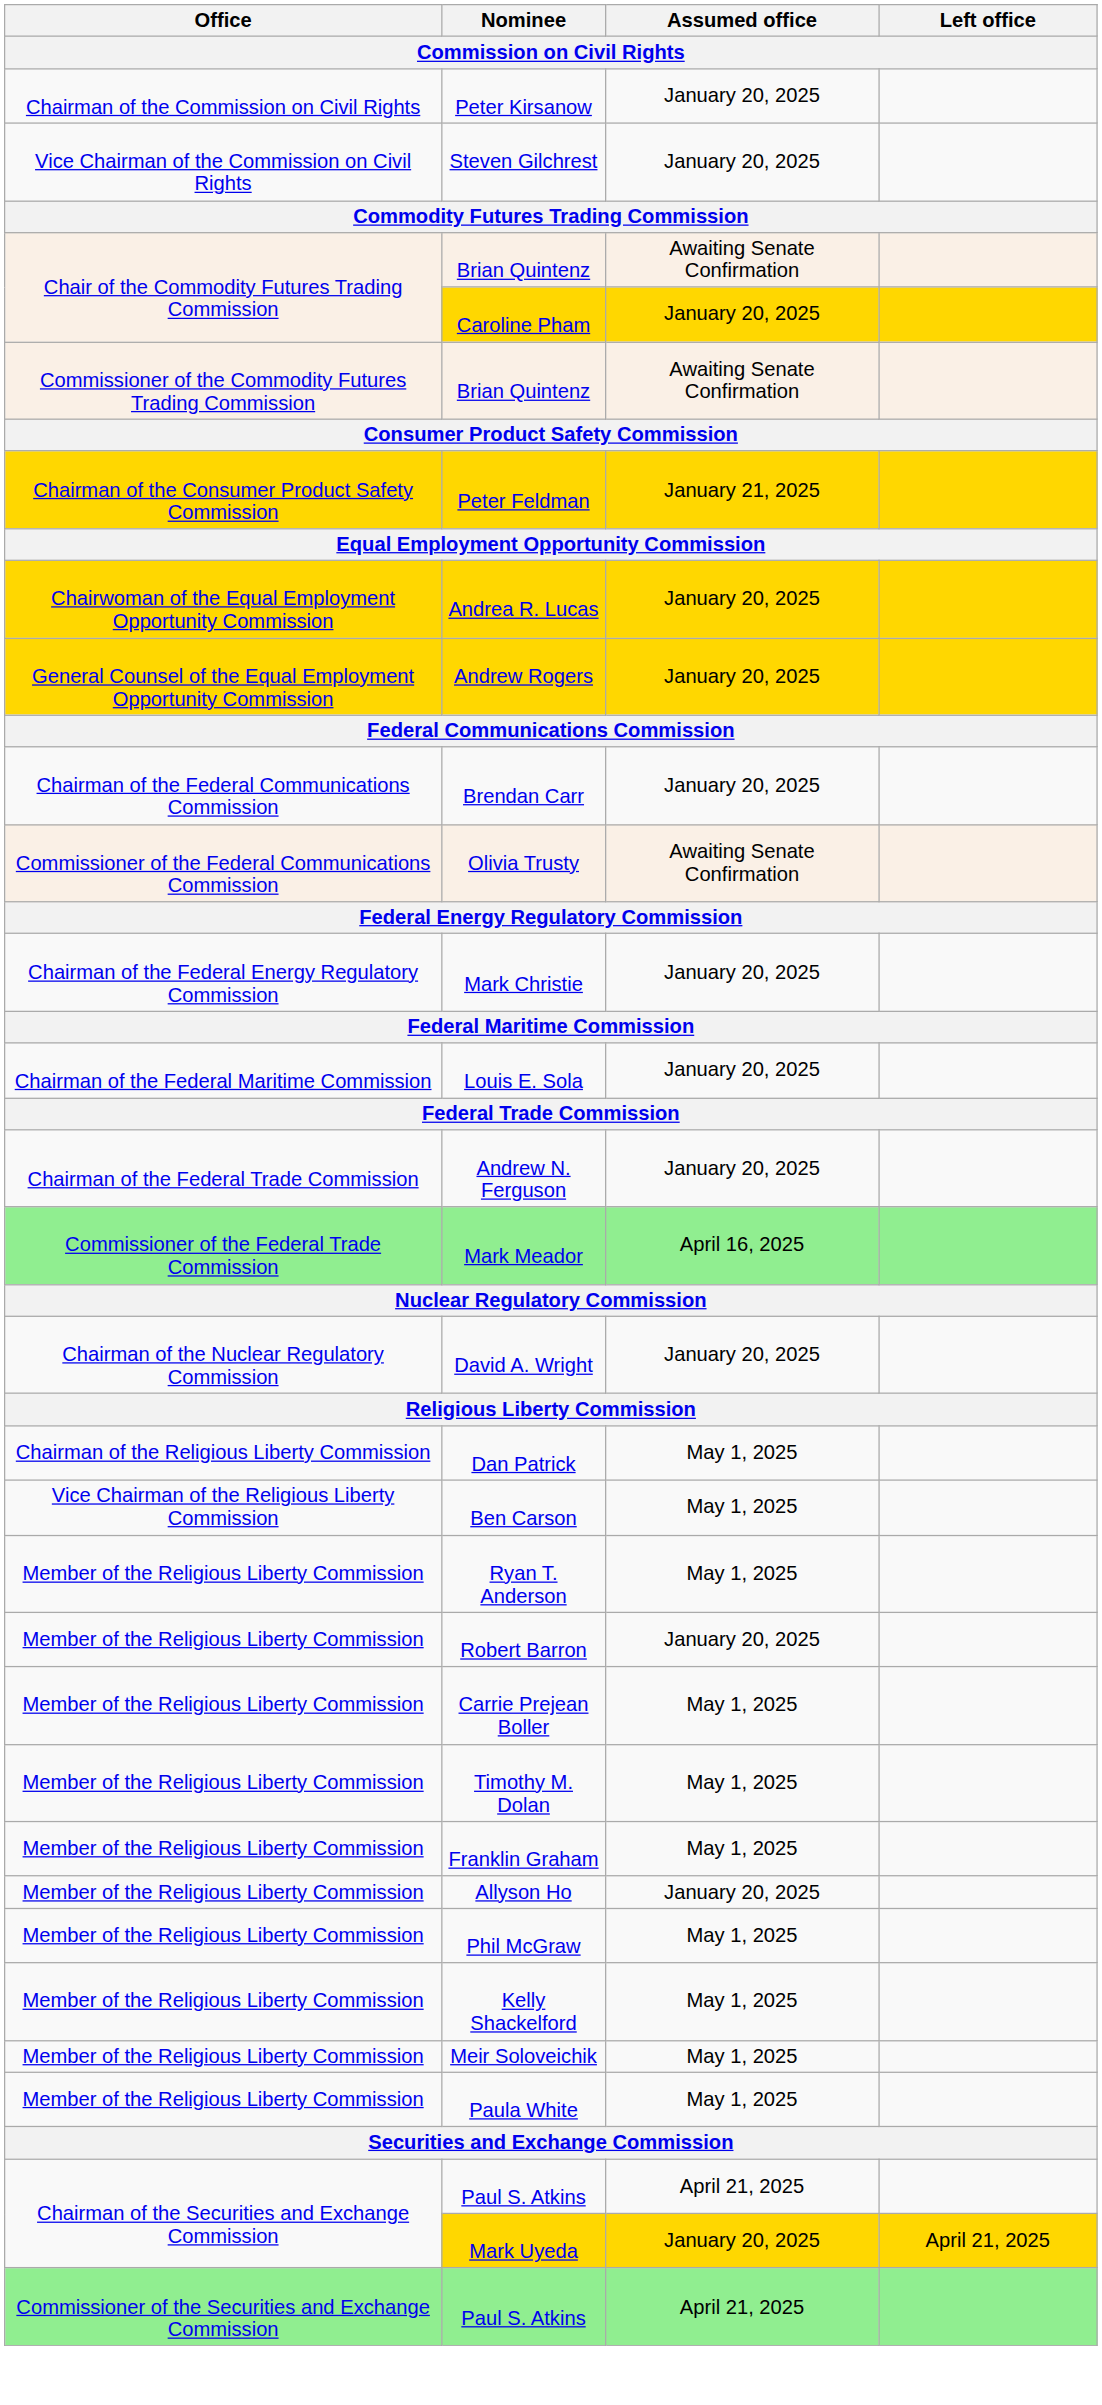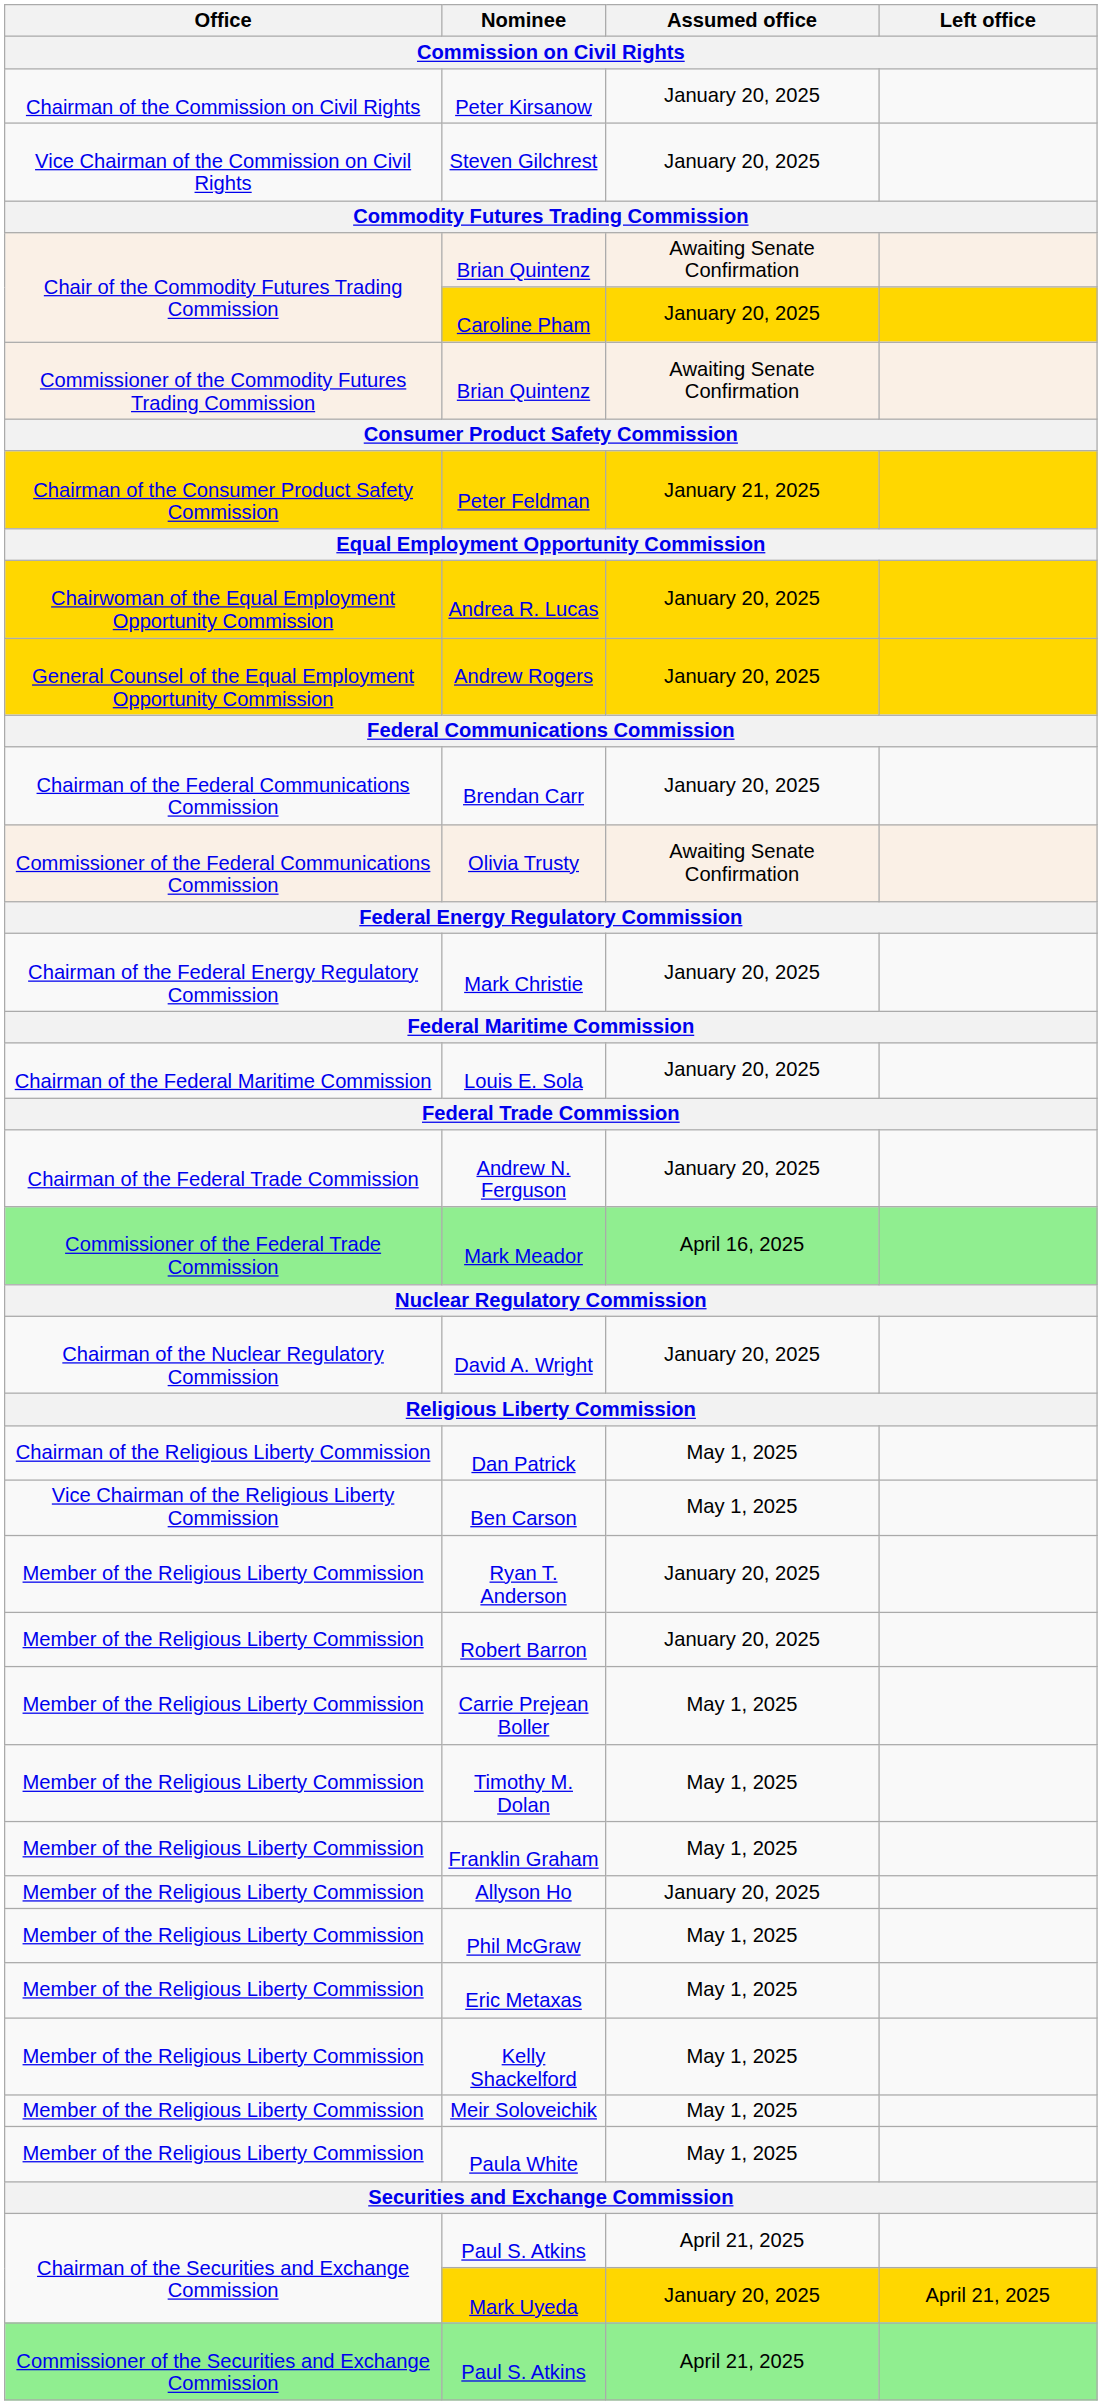 <table class="wikitable sortable" style="text-align:center">
 <tr>
 <th style="width:40%;">Office</th>
 <th style="width:15%;">Nominee</th>
 <th style="width:25%;" data-sort-="" type="date">Assumed office</th>
 <th style="width:20%;" data-sort-="" type="date">Left office</th>
 </tr>
 <tr>
 <th colspan="4"><a href='#'>Commission on Civil Rights</a></th>
 </tr>
 <tr>
 <td><br><a href='#'>Chairman of the Commission on Civil Rights</a></td>
 <td><br><a href='#'>Peter Kirsanow</a></td>
 <td>January 20, 2025</td>
 <td></td>
 </tr>
 <tr>
 <td><br><a href='#'>Vice Chairman of the Commission on Civil Rights</a></td>
 <td><a href='#'>Steven Gilchrest</a></td>
 <td>January 20, 2025</td>
 <td></td>
 </tr>
 <tr>
 <th colspan="4"><a href='#'>Commodity Futures Trading Commission</a></th>
 </tr>
 <tr style="background:linen">
 <td rowspan="2"><br><a href='#'>Chair of the Commodity Futures Trading Commission</a></td>
 <td><br><a href='#'>Brian Quintenz</a></td>
 <td>Awaiting Senate Confirmation</td>
 <td></td>
 </tr>
 <tr style="background:gold">
 <td><br><a href='#'>Caroline Pham</a></td>
 <td>January 20, 2025</td>
 <td></td>
 </tr>
 <tr style="background:linen">
 <td><br><a href='#'>Commissioner of the Commodity Futures Trading Commission</a></td>
 <td><br><a href='#'>Brian Quintenz</a></td>
 <td>Awaiting Senate Confirmation</td>
 <td></td>
 </tr>
 <tr>
 <th colspan="4"><a href='#'>Consumer Product Safety Commission</a></th>
 </tr>
 <tr style="background:gold">
 <td><br><a href='#'>Chairman of the Consumer Product Safety Commission</a></td>
 <td><br><a href='#'>Peter Feldman</a></td>
 <td>January 21, 2025</td>
 <td></td>
 </tr>
 <tr>
 <th colspan="4"><a href='#'>Equal Employment Opportunity Commission</a></th>
 </tr>
 <tr style="background:gold">
 <td><br><a href='#'>Chairwoman of the Equal Employment Opportunity Commission</a></td>
 <td><br><a href='#'>Andrea R. Lucas</a></td>
 <td>January 20, 2025</td>
 <td></td>
 </tr>
 <tr style="background:gold">
 <td><br><a href='#'>General Counsel of the Equal Employment Opportunity Commission</a></td>
 <td><a href='#'>Andrew Rogers</a></td>
 <td>January 20, 2025</td>
 <td></td>
 </tr>
 <tr>
 <th colspan="4"><a href='#'>Federal Communications Commission</a></th>
 </tr>
 <tr>
 <td><br><a href='#'>Chairman of the Federal Communications Commission</a></td>
 <td><br><a href='#'>Brendan Carr</a></td>
 <td>January 20, 2025</td>
 <td></td>
 </tr>
 <tr style="background:linen">
 <td><br><a href='#'>Commissioner of the Federal Communications Commission</a></td>
 <td><a href='#'>Olivia Trusty</a></td>
 <td>Awaiting Senate Confirmation</td>
 <td></td>
 </tr>
 <tr>
 <th colspan="4"><a href='#'>Federal Energy Regulatory Commission</a></th>
 </tr>
 <tr>
 <td><br><a href='#'>Chairman of the Federal Energy Regulatory Commission</a></td>
 <td><br><a href='#'>Mark Christie</a></td>
 <td>January 20, 2025</td>
 <td></td>
 </tr>
 <tr>
 <th colspan="4"><a href='#'>Federal Maritime Commission</a></th>
 </tr>
 <tr>
 <td><br><a href='#'>Chairman of the Federal Maritime Commission</a></td>
 <td><br><a href='#'>Louis E. Sola</a></td>
 <td>January 20, 2025</td>
 <td></td>
 </tr>
 <tr>
 <th colspan="4"><a href='#'>Federal Trade Commission</a></th>
 </tr>
 <tr>
 <td><br><a href='#'>Chairman of the Federal Trade Commission</a></td>
 <td><br><a href='#'>Andrew N. Ferguson</a></td>
 <td>January 20, 2025</td>
 <td></td>
 </tr>
 <tr style="background:lightgreen">
 <td><br><a href='#'>Commissioner of the Federal Trade Commission</a></td>
 <td><br><a href='#'>Mark Meador</a></td>
 <td>April 16, 2025<br></td>
 <td></td>
 </tr>
 <tr>
 <th colspan="4"><a href='#'>Nuclear Regulatory Commission</a></th>
 </tr>
 <tr>
 <td><br><a href='#'>Chairman of the Nuclear Regulatory Commission</a></td>
 <td><br><a href='#'>David A. Wright</a></td>
 <td>January 20, 2025</td>
 <td></td>
 </tr>
 <tr>
 <th colspan="4"><a href='#'>Religious Liberty Commission</a></th>
 </tr>
 <tr>
 <td><a href='#'>Chairman of the Religious Liberty Commission</a></td>
 <td><br><a href='#'>Dan Patrick</a></td>
 <td>May 1, 2025</td>
 <td></td>
 </tr>
 <tr>
 <td><a href='#'>Vice Chairman of the Religious Liberty Commission</a></td>
 <td><br><a href='#'>Ben Carson</a></td>
 <td>May 1, 2025</td>
 <td></td>
 </tr>
 <tr>
 <td><a href='#'>Member of the Religious Liberty Commission</a></td>
 <td><br><a href='#'>Ryan T. Anderson</a></td>
-<td>May 1, 2025</td>
+<td>January 20, 2025</td>
 <td></td>
 </tr>
 <tr>
 <td><a href='#'>Member of the Religious Liberty Commission</a></td>
 <td><br><a href='#'>Robert Barron</a></td>
 <td>January 20, 2025</td>
 <td></td>
 </tr>
 <tr>
 <td><a href='#'>Member of the Religious Liberty Commission</a></td>
 <td><br><a href='#'>Carrie Prejean Boller</a></td>
 <td>May 1, 2025</td>
 <td></td>
 </tr>
 <tr>
 <td><a href='#'>Member of the Religious Liberty Commission</a></td>
 <td><br><a href='#'>Timothy M. Dolan</a></td>
 <td>May 1, 2025</td>
 <td></td>
 </tr>
 <tr>
 <td><a href='#'>Member of the Religious Liberty Commission</a></td>
 <td><br><a href='#'>Franklin Graham</a></td>
 <td>May 1, 2025</td>
 <td></td>
 </tr>
 <tr>
 <td><a href='#'>Member of the Religious Liberty Commission</a></td>
 <td><a href='#'>Allyson Ho</a></td>
 <td>January 20, 2025</td>
 <td></td>
 </tr>
 <tr>
 <td><a href='#'>Member of the Religious Liberty Commission</a></td>
 <td><br><a href='#'>Phil McGraw</a></td>
+<td>May 1, 2025</td>
+<td></td>
+</tr>
+<tr>
+<td><a href='#'>Member of the Religious Liberty Commission</a></td>
+<td><br><a href='#'>Eric Metaxas</a></td>
 <td>May 1, 2025</td>
 <td></td>
 </tr>
 <tr>
 <td><a href='#'>Member of the Religious Liberty Commission</a></td>
 <td><br><a href='#'>Kelly Shackelford</a></td>
 <td>May 1, 2025</td>
 <td></td>
 </tr>
 <tr>
 <td><a href='#'>Member of the Religious Liberty Commission</a></td>
 <td><a href='#'>Meir Soloveichik</a></td>
 <td>May 1, 2025</td>
 <td></td>
 </tr>
 <tr>
 <td><a href='#'>Member of the Religious Liberty Commission</a></td>
 <td><br><a href='#'>Paula White</a></td>
 <td>May 1, 2025</td>
 <td></td>
 </tr>
 <tr>
 <th colspan="4"><a href='#'>Securities and Exchange Commission</a></th>
 </tr>
 <tr>
 <td rowspan="2"><br><a href='#'>Chairman of the Securities and Exchange Commission</a></td>
 <td><br><a href='#'>Paul S. Atkins</a></td>
 <td>April 21, 2025</td>
 <td></td>
 </tr>
 <tr style="background:gold">
 <td><br><a href='#'>Mark Uyeda</a></td>
 <td>January 20, 2025</td>
 <td>April 21, 2025</td>
 </tr>
 <tr style="background:lightgreen">
 <td><br><a href='#'>Commissioner of the Securities and Exchange Commission</a></td>
 <td><br><a href='#'>Paul S. Atkins</a></td>
 <td>April 21, 2025 <br></td>
 <td></td>
 </tr>
 </table>
